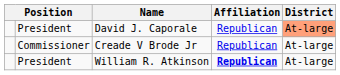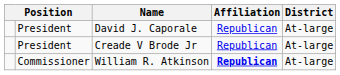 <table class=wikitable>
 <tr>
 <th colspan="2" style="text-align:center; vertical-align:bottom;">Position</th>
 <th style="text-align:center;">Name</th>
 <th valign=bottom>Affiliation</th>
 <th style="vertical-align:bottom; text-align:center;">District</th>
 </tr>
 <tr>
 <td style="background-color:"> </td>
 <td>President</td>
 <td>David J. Caporale</td>
 <td style="text-align:center;"><a href='#'>Republican</a></td>
-<td style="background: lightsalmon; text-align:center;">At-large</td>
+<td style="text-align:center;">At-large</td>
 </tr>
 <tr>
 <td style="background-color:"> </td>
-<td>Commissioner</td>
+<td>President</td>
 <td>Creade V Brode Jr</td>
 <td style="text-align:center;"><a href='#'>Republican</a></td>
 <td style="text-align:center;">At-large</td>
 </tr>
 <tr>
 <td style="background-color:"> </td>
-<td>President</td>
+<td>Commissioner</td>
 <td>William R. Atkinson</td>
 <td style="text-align:center;"><strong><a href='#'>Republican</a></strong></td>
 <td style="text-align:center;">At-large</td>
 </tr>
 </table>
